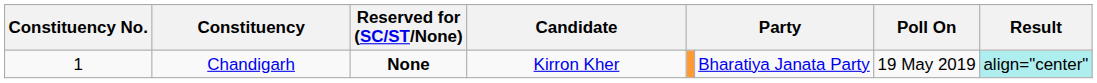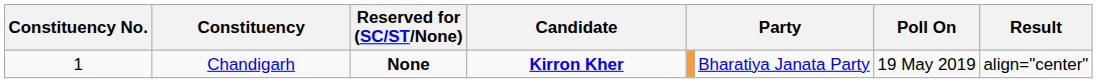 <table class="wikitable sortable" style="text-align:center;">
 <tr>
 <th>Constituency No.</th>
 <th style="width:180px;">Constituency</th>
 <th>Reserved for<br>(<a href='#'>SC/ST</a>/None)</th>
 <th style="width:200px;">Candidate</th>
 <th colspan="2">Party</th>
 <th>Poll On</th>
 <th>Result</th>
 </tr>
 <tr>
 <td align="center">1</td>
 <td><a href='#'>Chandigarh</a></td>
 <td align="center"><strong>None</strong></td>
-<td><a href='#'>Kirron Kher</a></td>
+<td><strong><a href='#'>Kirron Kher</a></strong></td>
 <td style="color:inherit;background:#FF9933"></td>
 <td><a href='#'>Bharatiya Janata Party</a></td>
 <td align="center">19 May 2019</td>
-<td style="background: paleturquoise;">align="center" </td>
+<td>align="center" </td>
 </tr>
 </table>
